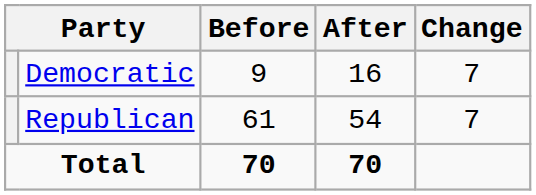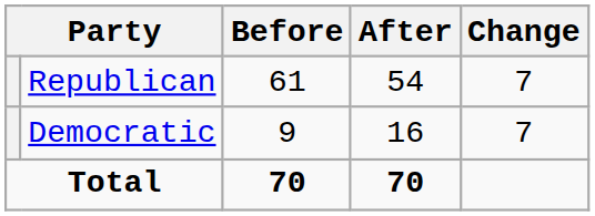 <table class="wikitable" style="text-align:center;">
 <tr>
 <th colspan="2">Party</th>
 <th>Before</th>
 <th>After</th>
 <th>Change</th>
 </tr>
 <tr>
 <th style="background-color:"></th>
-<td style="text-align:left;"><a href='#'>Democratic</a></td>
-<td>9</td>
-<td>16</td>
+<td style="text-align:left;"><a href='#'>Republican</a></td>
+<td>61</td>
+<td>54</td>
 <td> 7</td>
 </tr>
 <tr>
 <th style="background-color:"></th>
-<td style="text-align:left;"><a href='#'>Republican</a></td>
-<td>61</td>
-<td>54</td>
+<td style="text-align:left;"><a href='#'>Democratic</a></td>
+<td>9</td>
+<td>16</td>
 <td> 7</td>
 </tr>
 <tr>
 <td colspan="2"><strong>Total</strong></td>
 <td><strong>70</strong></td>
 <td><strong>70</strong></td>
 <td></td>
 </tr>
 </table>
